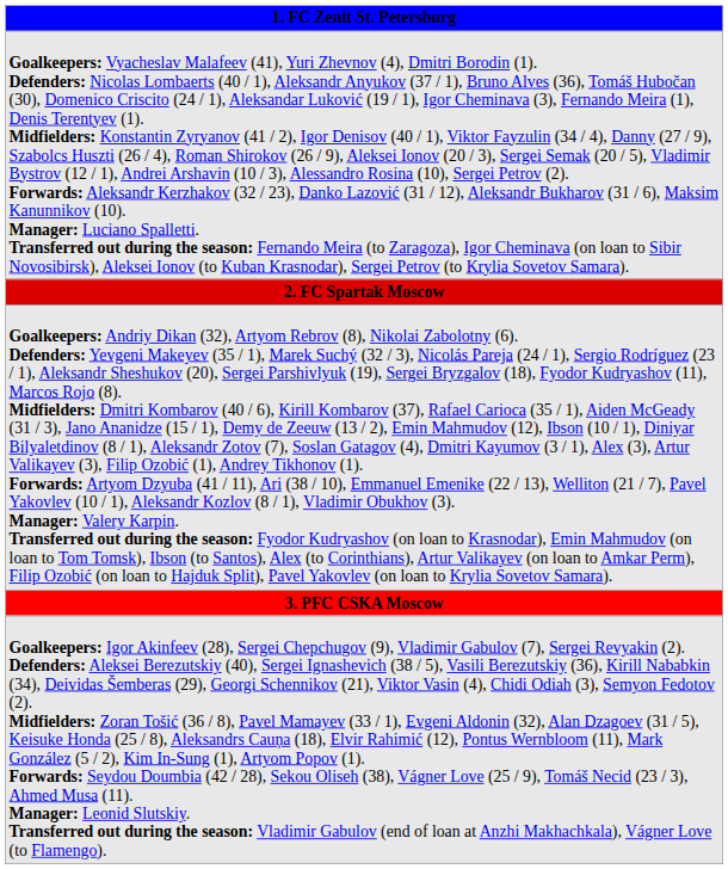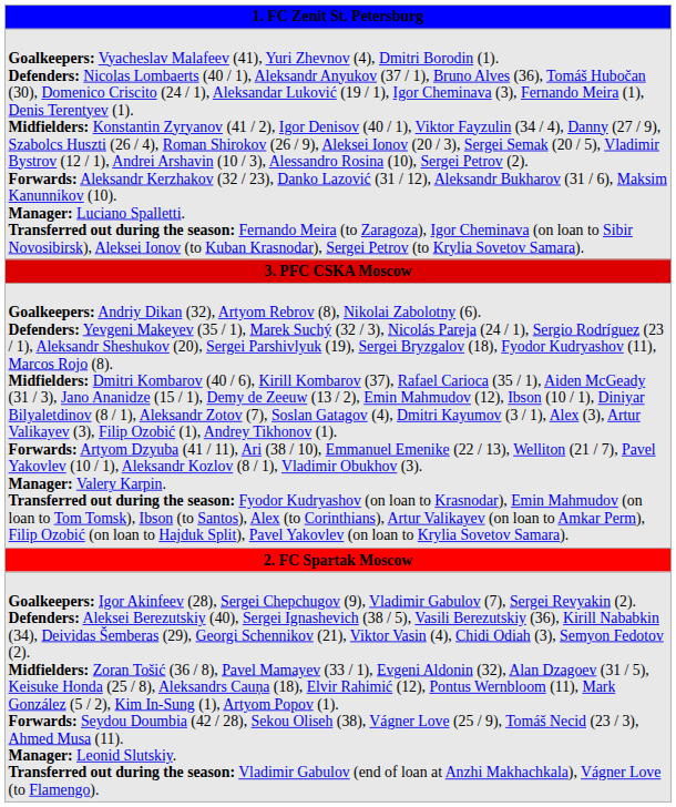 <table class="wikitable" Width="700">
 <tr bgcolor="#0000FF">
 <td align="center" width="700"><span> <strong>1. FC Zenit St. Petersburg</strong> </span></td>
 </tr>
 <tr bgcolor="#E8E8E8">
 <td align="left" width="700"><br><strong>Goalkeepers:</strong> <a href='#'>Vyacheslav Malafeev</a> (41),  <a href='#'>Yuri Zhevnov</a> (4), <a href='#'>Dmitri Borodin</a> (1).<br> <strong>Defenders:</strong>  <a href='#'>Nicolas Lombaerts</a> (40 / 1), <a href='#'>Aleksandr Anyukov</a> (37 / 1),  <a href='#'>Bruno Alves</a> (36),  <a href='#'>Tomáš Hubočan</a> (30),  <a href='#'>Domenico Criscito</a> (24 / 1),  <a href='#'>Aleksandar Luković</a> (19 / 1), <a href='#'>Igor Cheminava</a> (3),  <a href='#'>Fernando Meira</a> (1), <a href='#'>Denis Terentyev</a> (1).<br> <strong>Midfielders:</strong> <a href='#'>Konstantin Zyryanov</a> (41 / 2), <a href='#'>Igor Denisov</a> (40 / 1), <a href='#'>Viktor Fayzulin</a> (34 / 4),  <a href='#'>Danny</a> (27 / 9),  <a href='#'>Szabolcs Huszti</a> (26 / 4), <a href='#'>Roman Shirokov</a> (26 / 9), <a href='#'>Aleksei Ionov</a> (20 / 3), <a href='#'>Sergei Semak</a> (20 / 5), <a href='#'>Vladimir Bystrov</a> (12 / 1), <a href='#'>Andrei Arshavin</a> (10 / 3),  <a href='#'>Alessandro Rosina</a> (10), <a href='#'>Sergei Petrov</a> (2).<br> <strong>Forwards:</strong> <a href='#'>Aleksandr Kerzhakov</a> (32 / 23),  <a href='#'>Danko Lazović</a> (31 / 12), <a href='#'>Aleksandr Bukharov</a> (31 / 6), <a href='#'>Maksim Kanunnikov</a> (10).<br> <strong>Manager:</strong>  <a href='#'>Luciano Spalletti</a>.<br><strong>Transferred out during the season:</strong>  <a href='#'>Fernando Meira</a> (to  <a href='#'>Zaragoza</a>), <a href='#'>Igor Cheminava</a> (on loan to <a href='#'>Sibir Novosibirsk</a>), <a href='#'>Aleksei Ionov</a> (to <a href='#'>Kuban Krasnodar</a>), <a href='#'>Sergei Petrov</a> (to <a href='#'>Krylia Sovetov Samara</a>).</td>
 </tr>
 <tr bgcolor=DD0000>
-<td align="center" width="700"><span> <strong>2. FC Spartak Moscow</strong> </span></td>
+<td align="center" width="700"><span> <strong>3. PFC CSKA Moscow</strong> </span></td>
 </tr>
 <tr bgcolor="#E8E8E8">
 <td align="left" width="700"><br><strong>Goalkeepers:</strong>  <a href='#'>Andriy Dikan</a> (32), <a href='#'>Artyom Rebrov</a> (8), <a href='#'>Nikolai Zabolotny</a> (6).<br> <strong>Defenders:</strong> <a href='#'>Yevgeni Makeyev</a> (35 / 1),  <a href='#'>Marek Suchý</a> (32 / 3),  <a href='#'>Nicolás Pareja</a> (24 / 1),  <a href='#'>Sergio Rodríguez</a> (23 / 1), <a href='#'>Aleksandr Sheshukov</a> (20), <a href='#'>Sergei Parshivlyuk</a> (19), <a href='#'>Sergei Bryzgalov</a> (18), <a href='#'>Fyodor Kudryashov</a> (11),  <a href='#'>Marcos Rojo</a> (8).<br> <strong>Midfielders:</strong> <a href='#'>Dmitri Kombarov</a> (40 / 6), <a href='#'>Kirill Kombarov</a> (37),  <a href='#'>Rafael Carioca</a> (35 / 1),  <a href='#'>Aiden McGeady</a> (31 / 3),  <a href='#'>Jano Ananidze</a> (15 / 1),  <a href='#'>Demy de Zeeuw</a> (13 / 2), <a href='#'>Emin Mahmudov</a> (12),  <a href='#'>Ibson</a> (10 / 1), <a href='#'>Diniyar Bilyaletdinov</a> (8 / 1), <a href='#'>Aleksandr Zotov</a> (7), <a href='#'>Soslan Gatagov</a> (4), <a href='#'>Dmitri Kayumov</a> (3 / 1),  <a href='#'>Alex</a> (3), <a href='#'>Artur Valikayev</a> (3),  <a href='#'>Filip Ozobić</a> (1), <a href='#'>Andrey Tikhonov</a> (1).<br> <strong>Forwards:</strong> <a href='#'>Artyom Dzyuba</a> (41 / 11),  <a href='#'>Ari</a> (38 / 10),  <a href='#'>Emmanuel Emenike</a> (22 / 13),  <a href='#'>Welliton</a> (21 / 7), <a href='#'>Pavel Yakovlev</a> (10 / 1), <a href='#'>Aleksandr Kozlov</a> (8 / 1), <a href='#'>Vladimir Obukhov</a> (3).<br> <strong>Manager:</strong> <a href='#'>Valery Karpin</a>.<br><strong>Transferred out during the season:</strong> <a href='#'>Fyodor Kudryashov</a> (on loan to <a href='#'>Krasnodar</a>), <a href='#'>Emin Mahmudov</a> (on loan to <a href='#'>Tom Tomsk</a>),  <a href='#'>Ibson</a> (to  <a href='#'>Santos</a>),  <a href='#'>Alex</a> (to  <a href='#'>Corinthians</a>), <a href='#'>Artur Valikayev</a> (on loan to <a href='#'>Amkar Perm</a>),  <a href='#'>Filip Ozobić</a> (on loan to  <a href='#'>Hajduk Split</a>), <a href='#'>Pavel Yakovlev</a> (on loan to <a href='#'>Krylia Sovetov Samara</a>).</td>
 </tr>
 <tr bgcolor="#FF0000">
-<td align="center" width="700"><span> <strong>3. PFC CSKA Moscow</strong> </span></td>
+<td align="center" width="700"><span> <strong>2. FC Spartak Moscow</strong> </span></td>
 </tr>
 <tr bgcolor="#E8E8E8">
 <td align="left" width="700"><br><strong>Goalkeepers:</strong> <a href='#'>Igor Akinfeev</a> (28), <a href='#'>Sergei Chepchugov</a> (9), <a href='#'>Vladimir Gabulov</a> (7), <a href='#'>Sergei Revyakin</a> (2).<br> <strong>Defenders:</strong> <a href='#'>Aleksei Berezutskiy</a> (40), <a href='#'>Sergei Ignashevich</a> (38 / 5), <a href='#'>Vasili Berezutskiy</a> (36), <a href='#'>Kirill Nababkin</a> (34),  <a href='#'>Deividas Šemberas</a> (29), <a href='#'>Georgi Schennikov</a> (21), <a href='#'>Viktor Vasin</a> (4),  <a href='#'>Chidi Odiah</a> (3), <a href='#'>Semyon Fedotov</a> (2).<br> <strong>Midfielders:</strong>  <a href='#'>Zoran Tošić</a> (36 / 8), <a href='#'>Pavel Mamayev</a> (33 / 1), <a href='#'>Evgeni Aldonin</a> (32), <a href='#'>Alan Dzagoev</a> (31 / 5),  <a href='#'>Keisuke Honda</a> (25 / 8),  <a href='#'>Aleksandrs Cauņa</a> (18),  <a href='#'>Elvir Rahimić</a> (12),  <a href='#'>Pontus Wernbloom</a> (11),    <a href='#'>Mark González</a> (5 / 2),    <a href='#'>Kim In-Sung</a> (1), <a href='#'>Artyom Popov</a> (1).<br> <strong>Forwards:</strong>  <a href='#'>Seydou Doumbia</a> (42 / 28),  <a href='#'>Sekou Oliseh</a> (38),  <a href='#'>Vágner Love</a> (25 / 9),  <a href='#'>Tomáš Necid</a> (23 / 3),  <a href='#'>Ahmed Musa</a> (11).<br> <strong>Manager:</strong> <a href='#'>Leonid Slutskiy</a>.<br><strong>Transferred out during the season:</strong> <a href='#'>Vladimir Gabulov</a> (end of loan at <a href='#'>Anzhi Makhachkala</a>),  <a href='#'>Vágner Love</a> (to  <a href='#'>Flamengo</a>).</td>
 </tr>
 </table>
